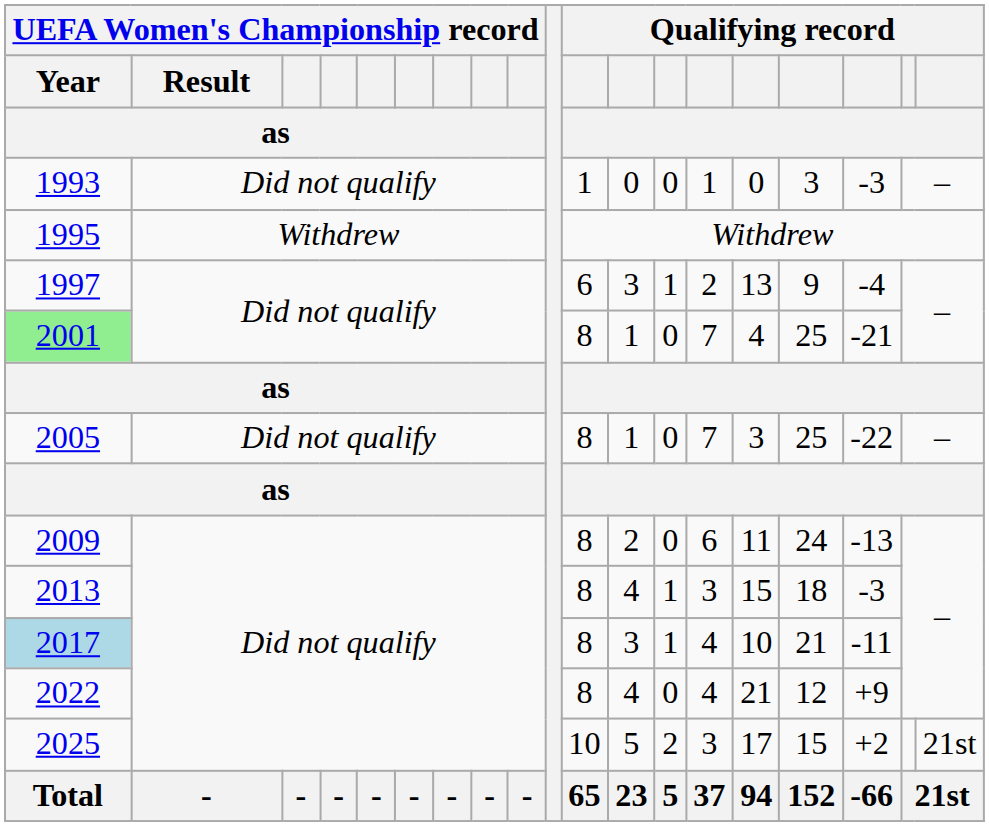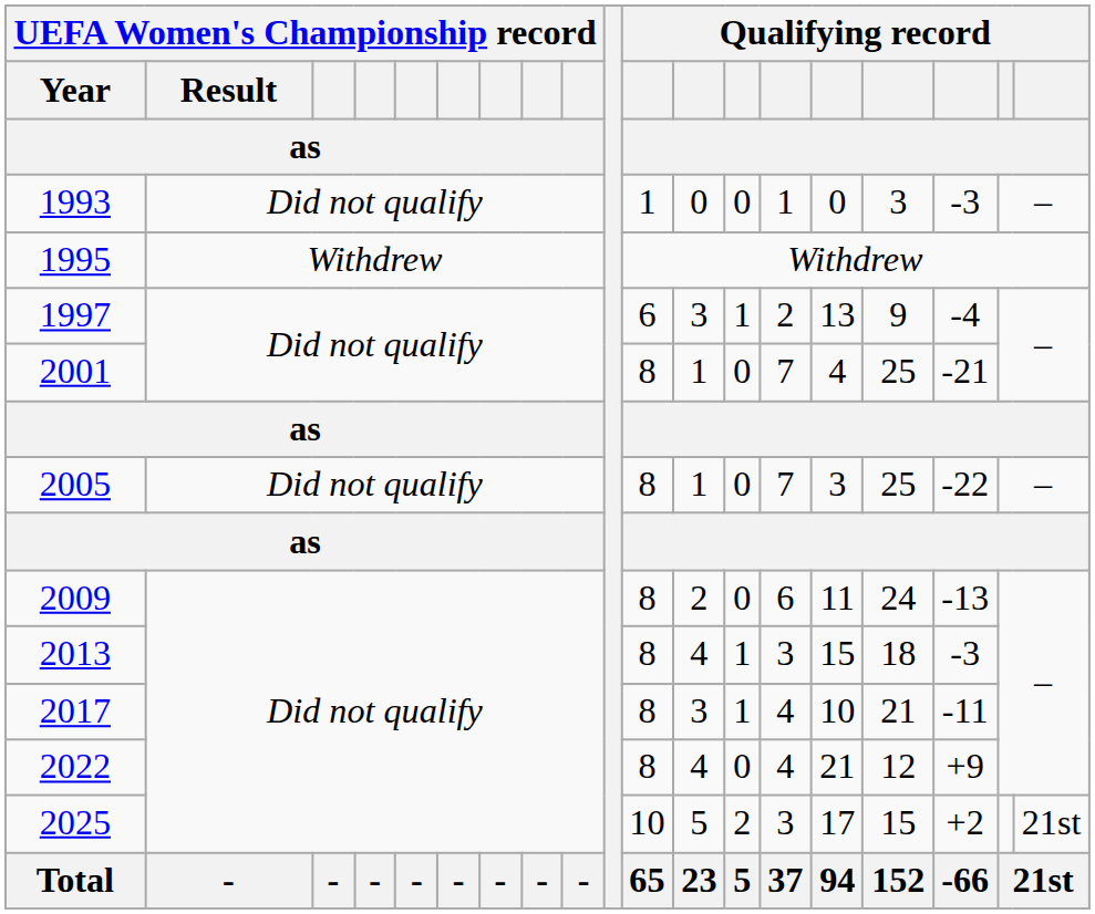 <table class="wikitable" style="text-align: center;">
 <tr>
 <th colspan=9><a href='#'>UEFA Women's Championship</a> record</th>
 <th rowspan=100></th>
 <th colspan=9>Qualifying record</th>
 </tr>
 <tr>
 <th>Year</th>
 <th>Result</th>
 <th></th>
 <th></th>
 <th></th>
 <th></th>
 <th></th>
 <th></th>
 <th><br></th>
 <th></th>
 <th></th>
 <th></th>
 <th></th>
 <th></th>
 <th></th>
 <th></th>
 <th></th>
 <th></th>
 </tr>
 <tr>
 <th colspan=9>as </th>
 <th colspan=9></th>
 </tr>
 <tr>
 <td> <a href='#'>1993</a></td>
 <td colspan=8><em>Did not qualify</em></td>
 <td>1</td>
 <td>0</td>
 <td>0</td>
 <td>1</td>
 <td>0</td>
 <td>3</td>
 <td>-3</td>
 <td colspan=2>–</td>
 </tr>
 <tr>
 <td> <a href='#'>1995</a></td>
 <td colspan=8><em>Withdrew</em></td>
 <td colspan=9><em>Withdrew</em></td>
 </tr>
 <tr>
 <td>  <a href='#'>1997</a></td>
 <td colspan=8 rowspan=2><em>Did not qualify</em></td>
 <td>6</td>
 <td>3</td>
 <td>1</td>
 <td>2</td>
 <td>13</td>
 <td>9</td>
 <td>-4</td>
 <td colspan=2 rowspan=2>–</td>
 </tr>
 <tr>
-<td style="background: lightgreen;"> <a href='#'>2001</a></td>
+<td> <a href='#'>2001</a></td>
 <td>8</td>
 <td>1</td>
 <td>0</td>
 <td>7</td>
 <td>4</td>
 <td>25</td>
 <td>-21</td>
 </tr>
 <tr>
 <th colspan=9>as </th>
 <th colspan=9></th>
 </tr>
 <tr>
 <td> <a href='#'>2005</a></td>
 <td colspan=8><em>Did not qualify</em></td>
 <td>8</td>
 <td>1</td>
 <td>0</td>
 <td>7</td>
 <td>3</td>
 <td>25</td>
 <td>-22</td>
 <td colspan=2>–</td>
 </tr>
 <tr>
 <th colspan=9>as </th>
 <th colspan=9></th>
 </tr>
 <tr>
 <td> <a href='#'>2009</a></td>
 <td colspan=8 rowspan=5><em>Did not qualify</em></td>
 <td>8</td>
 <td>2</td>
 <td>0</td>
 <td>6</td>
 <td>11</td>
 <td>24</td>
 <td>-13</td>
 <td colspan=2 rowspan=4>–</td>
 </tr>
 <tr>
 <td> <a href='#'>2013</a></td>
 <td>8</td>
 <td>4</td>
 <td>1</td>
 <td>3</td>
 <td>15</td>
 <td>18</td>
 <td>-3</td>
 </tr>
 <tr>
-<td style="background: lightblue;"> <a href='#'>2017</a></td>
+<td> <a href='#'>2017</a></td>
 <td>8</td>
 <td>3</td>
 <td>1</td>
 <td>4</td>
 <td>10</td>
 <td>21</td>
 <td>-11</td>
 </tr>
 <tr>
 <td> <a href='#'>2022</a></td>
 <td>8</td>
 <td>4</td>
 <td>0</td>
 <td>4</td>
 <td>21</td>
 <td>12</td>
 <td>+9</td>
 </tr>
 <tr>
 <td> <a href='#'>2025</a></td>
 <td>10</td>
 <td>5</td>
 <td>2</td>
 <td>3</td>
 <td>17</td>
 <td>15</td>
 <td>+2</td>
 <td></td>
 <td>21st</td>
 </tr>
 <tr>
 <th>Total</th>
 <th>-</th>
 <th>-</th>
 <th>-</th>
 <th>-</th>
 <th>-</th>
 <th>-</th>
 <th>-</th>
 <th>-</th>
 <th>65</th>
 <th>23</th>
 <th>5</th>
 <th>37</th>
 <th>94</th>
 <th>152</th>
 <th>-66</th>
 <th colspan=2>21st</th>
 </tr>
 </table>
